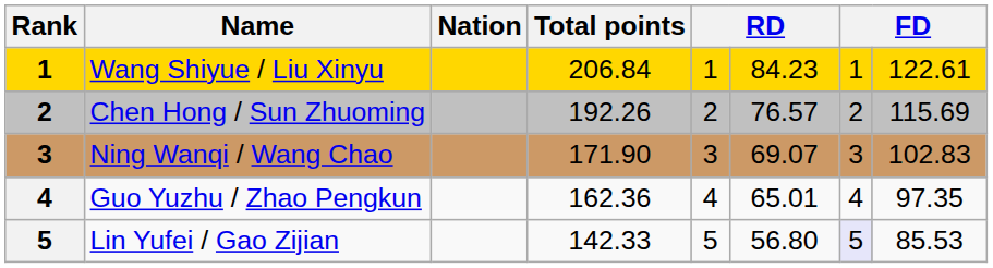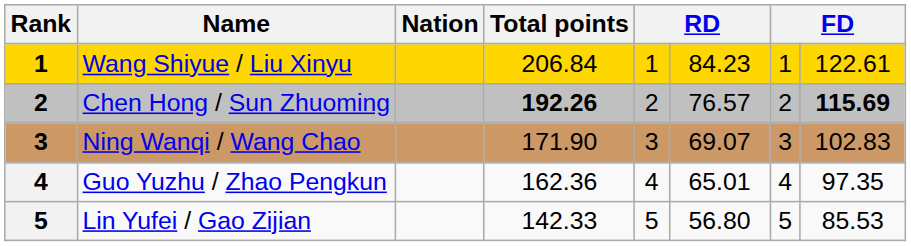 <table class="wikitable sortable">
 <tr>
 <th>Rank</th>
 <th>Name</th>
 <th>Nation</th>
 <th>Total points</th>
 <th colspan="2" width="80px"><a href='#'>RD</a></th>
 <th colspan="2" width="80px"><a href='#'>FD</a></th>
 </tr>
 <tr bgcolor="gold">
 <td align="center"><strong>1</strong></td>
 <td><a href='#'>Wang Shiyue</a> / <a href='#'>Liu Xinyu</a></td>
 <td></td>
 <td align="center">206.84</td>
 <td align="center">1</td>
 <td align="center">84.23</td>
 <td align="center">1</td>
 <td align="center">122.61</td>
 </tr>
 <tr bgcolor="silver">
 <td align="center"><strong>2</strong></td>
 <td><a href='#'>Chen Hong</a> / <a href='#'>Sun Zhuoming</a></td>
 <td></td>
-<td align="center">192.26</td>
+<td align="center"><strong>192.26</strong></td>
 <td align="center">2</td>
 <td align="center">76.57</td>
 <td align="center">2</td>
-<td align="center">115.69</td>
+<td align="center"><strong>115.69</strong></td>
 </tr>
 <tr bgcolor="cc9966">
 <td align="center"><strong>3</strong></td>
 <td><a href='#'>Ning Wanqi</a> / <a href='#'>Wang Chao</a></td>
 <td></td>
 <td align="center">171.90</td>
 <td align="center">3</td>
 <td align="center">69.07</td>
 <td align="center">3</td>
 <td align="center">102.83</td>
 </tr>
 <tr>
 <th>4</th>
 <td><a href='#'>Guo Yuzhu</a> / <a href='#'>Zhao Pengkun</a></td>
 <td></td>
 <td align="center">162.36</td>
 <td align="center">4</td>
 <td align="center">65.01</td>
 <td align="center">4</td>
 <td align="center">97.35</td>
 </tr>
 <tr>
 <th>5</th>
 <td><a href='#'>Lin Yufei</a> / <a href='#'>Gao Zijian</a></td>
 <td></td>
 <td align="center">142.33</td>
 <td align="center">5</td>
 <td align="center">56.80</td>
-<td align="center" style="background: lavender;">5</td>
+<td align="center">5</td>
 <td align="center">85.53</td>
 </tr>
 </table>
